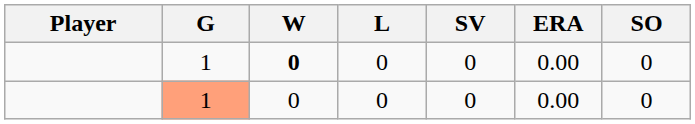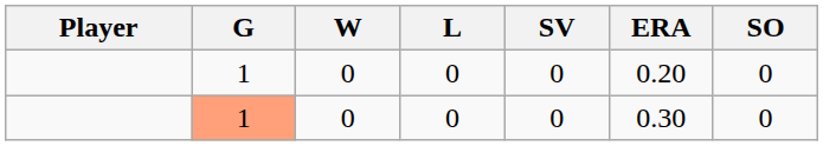 <table class="wikitable sortable">
 <tr>
 <th bgcolor="#DDDDFF" width="16%">Player</th>
 <th bgcolor="#DDDDFF" width="9%">G</th>
 <th bgcolor="#DDDDFF" width="9%">W</th>
 <th bgcolor="#DDDDFF" width="9%">L</th>
 <th bgcolor="#DDDDFF" width="9%">SV</th>
 <th bgcolor="#DDDDFF" width="9%">ERA</th>
 <th bgcolor="#DDDDFF" width="9%">SO</th>
 </tr>
 <tr align="center">
 <td></td>
 <td>1</td>
-<td><strong>0</strong></td>
 <td>0</td>
 <td>0</td>
-<td>0.00</td>
+<td>0</td>
+<td>0.20</td>
 <td>0</td>
 </tr>
 <tr align="center">
 <td></td>
 <td style="background: lightsalmon;">1</td>
 <td>0</td>
 <td>0</td>
 <td>0</td>
-<td>0.00</td>
+<td>0.30</td>
 <td>0</td>
 </tr>
 </table>
